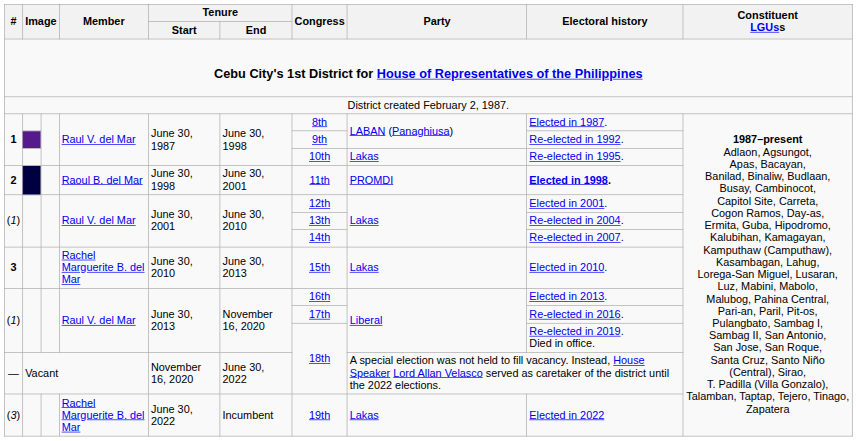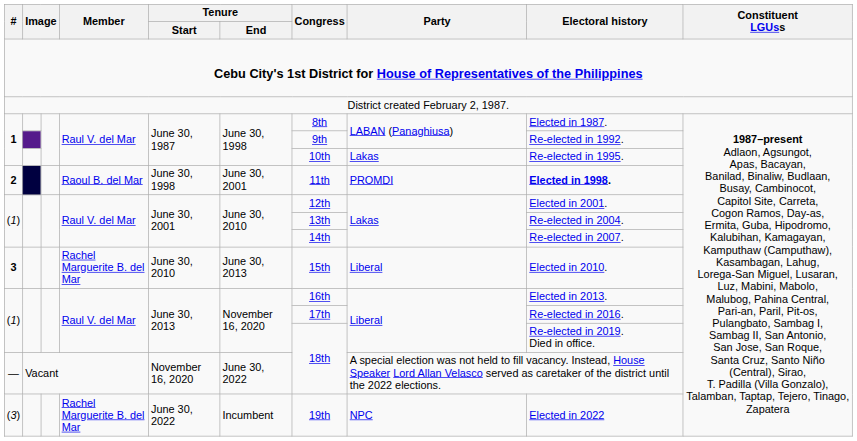 <table class=wikitable>
 <tr>
 <th rowspan="2">#</th>
 <th rowspan=2 colspan=2>Image</th>
 <th rowspan="2">Member</th>
 <th colspan=2>Tenure</th>
 <th rowspan="2">Congress</th>
 <th rowspan="2">Party</th>
 <th rowspan="2">Electoral history</th>
 <th rowspan="2">Constituent<br><a href='#'>LGUs</a>s</th>
 </tr>
 <tr>
 <th>Start</th>
 <th>End</th>
 </tr>
 <tr>
 <td colspan="10" style="text-align:center;"><br><h3>Cebu City's 1st District for <a href='#'>House of Representatives of the Philippines</a></h3></td>
 </tr>
 <tr>
 <td colspan="10" style="text-align:center;">District created February 2, 1987.</td>
 </tr>
 <tr>
 <td rowspan="3" style="text-align:center;"><strong>1</strong></td>
 <td style="color:inherit;background:"></td>
 <td rowspan="3"></td>
 <td rowspan="3"><a href='#'>Raul V. del Mar</a></td>
 <td rowspan="3">June 30, 1987</td>
 <td rowspan="3">June 30, 1998</td>
 <td style="text-align:center;"><a href='#'>8th</a></td>
 <td rowspan=2><a href='#'>LABAN</a> (<a href='#'>Panaghiusa</a>)</td>
 <td><a href='#'>Elected in 1987</a>.</td>
 <td rowspan="13" style="text-align:center;"><strong>1987–present</strong><br>Adlaon, Agsungot,<br>Apas, Bacayan,<br>Banilad, Binaliw, Budlaan,<br>Busay, Cambinocot,<br>Capitol Site, Carreta,<br>Cogon Ramos, Day‑as,<br>Ermita, Guba, Hipodromo,<br>Kalubihan, Kamagayan,<br>Kamputhaw (Camputhaw),<br>Kasambagan, Lahug,<br>Lorega‑San Miguel, Lusaran,<br>Luz, Mabini, Mabolo,<br>Malubog, Pahina Central,<br>Pari-an, Paril, Pit-os,<br>Pulangbato, Sambag I,<br>Sambag II, San Antonio,<br>San Jose, San Roque,<br>Santa Cruz, Santo Niño<br> (Central), Sirao,<br>T. Padilla (Villa Gonzalo), Talamban, Taptap, Tejero, Tinago, Zapatera</td>
 </tr>
 <tr>
 <td style="color:inherit;background:#551a8b;"></td>
 <td style="text-align:center;"><a href='#'>9th</a></td>
 <td><a href='#'>Re-elected in 1992</a>.</td>
 </tr>
 <tr>
 <td style="color:inherit;background:"></td>
 <td style="text-align:center;"><a href='#'>10th</a></td>
 <td><a href='#'>Lakas</a></td>
 <td><a href='#'>Re-elected in 1995</a>.</td>
 </tr>
 <tr>
 <td style="text-align:center;"><strong>2</strong></td>
 <td style="color:inherit;background:#000040;"></td>
 <td></td>
 <td><a href='#'>Raoul B. del Mar</a></td>
 <td>June 30, 1998</td>
 <td>June 30, 2001</td>
 <td style="text-align:center;"><a href='#'>11th</a></td>
 <td><a href='#'>PROMDI</a></td>
 <td><strong><a href='#'>Elected in 1998</a>.</strong></td>
 </tr>
 <tr>
 <td rowspan="3" style="text-align:center;">(<em>1</em>)</td>
 <td rowspan="3" style="color:inherit;background:"></td>
 <td rowspan="3"></td>
 <td rowspan="3"><a href='#'>Raul V. del Mar</a></td>
 <td rowspan="3">June 30, 2001</td>
 <td rowspan="3">June 30, 2010</td>
 <td style="text-align:center;"><a href='#'>12th</a></td>
 <td rowspan="3"><a href='#'>Lakas</a></td>
 <td><a href='#'>Elected in 2001</a>.</td>
 </tr>
 <tr>
 <td style="text-align:center;"><a href='#'>13th</a></td>
 <td><a href='#'>Re-elected in 2004</a>.</td>
 </tr>
 <tr>
 <td style="text-align:center;"><a href='#'>14th</a></td>
 <td><a href='#'>Re-elected in 2007</a>.</td>
 </tr>
 <tr>
 <td style="text-align:center;"><strong>3</strong></td>
 <td style="color:inherit;background:"></td>
 <td></td>
 <td><a href='#'>Rachel Marguerite B. del Mar</a></td>
 <td>June 30, 2010</td>
 <td>June 30, 2013</td>
 <td style="text-align:center;"><a href='#'>15th</a></td>
-<td><a href='#'>Lakas</a></td>
+<td><a href='#'>Liberal</a></td>
 <td><a href='#'>Elected in 2010</a>.</td>
 </tr>
 <tr>
 <td rowspan="3" style="text-align:center;">(<em>1</em>)</td>
 <td rowspan="3" style="color:inherit;background:"></td>
 <td rowspan="3"></td>
 <td rowspan="3"><a href='#'>Raul V. del Mar</a></td>
 <td rowspan="3">June 30, 2013</td>
 <td rowspan="3">November 16, 2020</td>
 <td style="text-align:center;"><a href='#'>16th</a></td>
 <td rowspan="3"><a href='#'>Liberal</a></td>
 <td><a href='#'>Elected in 2013</a>.</td>
 </tr>
 <tr>
 <td style="text-align:center;"><a href='#'>17th</a></td>
 <td><a href='#'>Re-elected in 2016</a>.</td>
 </tr>
 <tr>
 <td rowspan="2" style="text-align:center;"><a href='#'>18th</a></td>
 <td><a href='#'>Re-elected in 2019</a>.<br>Died in office.</td>
 </tr>
 <tr>
 <td style="text-align:center;">—</td>
 <td colspan="3">Vacant</td>
 <td>November 16, 2020</td>
 <td>June 30, 2022</td>
 <td colspan=2>A special election was not held to fill vacancy. Instead, <a href='#'>House Speaker</a> <a href='#'>Lord Allan Velasco</a> served as caretaker of the district until the 2022 elections.</td>
 </tr>
 <tr>
 <td style="text-align:center;">(<em>3</em>)</td>
 <td style="color:inherit;background:"></td>
 <td></td>
 <td><a href='#'>Rachel Marguerite B. del Mar</a></td>
 <td>June 30, 2022</td>
 <td>Incumbent</td>
 <td style="text-align:center;"><a href='#'>19th</a></td>
-<td><a href='#'>Lakas</a></td>
+<td><a href='#'>NPC</a></td>
 <td><a href='#'>Elected in 2022</a></td>
 </tr>
 </table>
